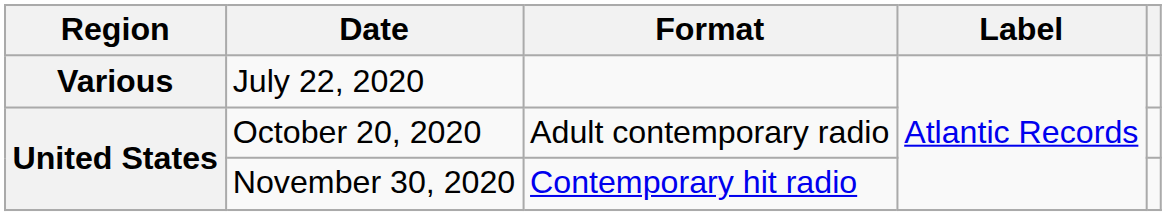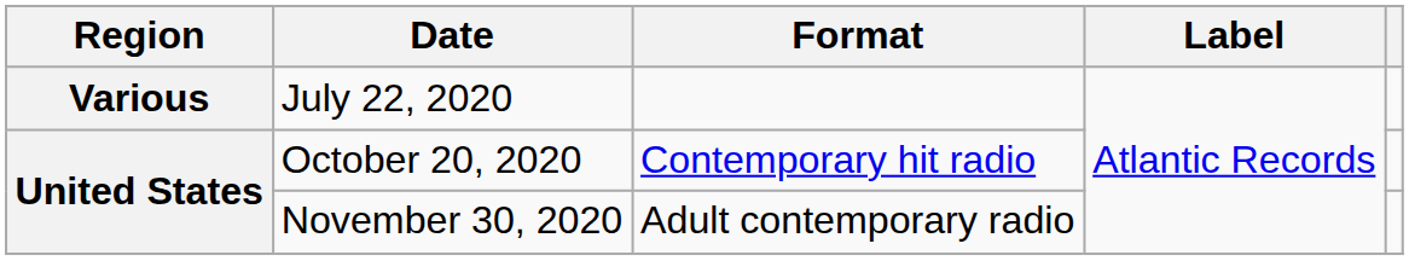 <table class="wikitable plainrowheaders">
 <tr>
 <th scope="col">Region</th>
 <th scope="col">Date</th>
 <th scope="col">Format</th>
 <th scope="col">Label</th>
 <th scope="col"></th>
 </tr>
 <tr>
 <th scope="row">Various</th>
 <td>July 22, 2020</td>
 <td></td>
 <td rowspan="3"><a href='#'>Atlantic Records</a></td>
 <td></td>
 </tr>
 <tr>
 <th scope="row" rowspan="2">United States</th>
 <td>October 20, 2020</td>
-<td>Adult contemporary radio</td>
+<td><a href='#'>Contemporary hit radio</a></td>
 <td></td>
 </tr>
 <tr>
 <td>November 30, 2020</td>
-<td><a href='#'>Contemporary hit radio</a></td>
+<td>Adult contemporary radio</td>
 <td></td>
 </tr>
 </table>
